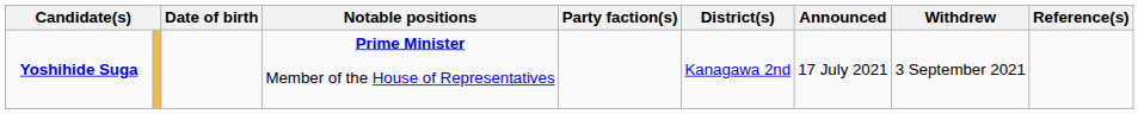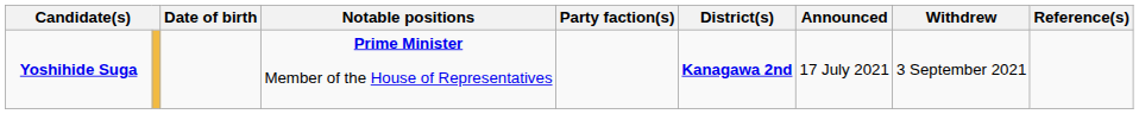 <table class="wikitable sortable" style="text-align:center">
 <tr>
 <th colspan="2" style="width:150px;">Candidate(s)</th>
 <th>Date of birth</th>
 <th class="unsortable">Notable positions</th>
 <th>Party faction(s)</th>
 <th>District(s)</th>
 <th>Announced</th>
 <th>Withdrew</th>
 <th class="unsortable">Reference(s)</th>
 </tr>
 <tr>
 <td> <strong><a href='#'>Yoshihide Suga</a></strong></td>
 <td style="background:#F2BA42"></td>
 <td><br></td>
 <td><strong><a href='#'>Prime Minister</a></strong><br><br>Member of the <a href='#'>House of Representatives</a><br><br></td>
 <td></td>
-<td> <a href='#'>Kanagawa 2nd</a></td>
+<td><strong> <a href='#'>Kanagawa 2nd</a></strong></td>
 <td>17 July 2021</td>
 <td>3 September 2021<br><em></em></td>
 <td></td>
 </tr>
 </table>
